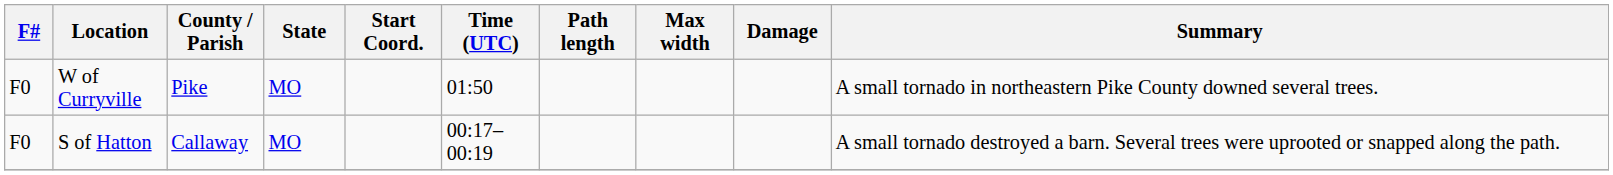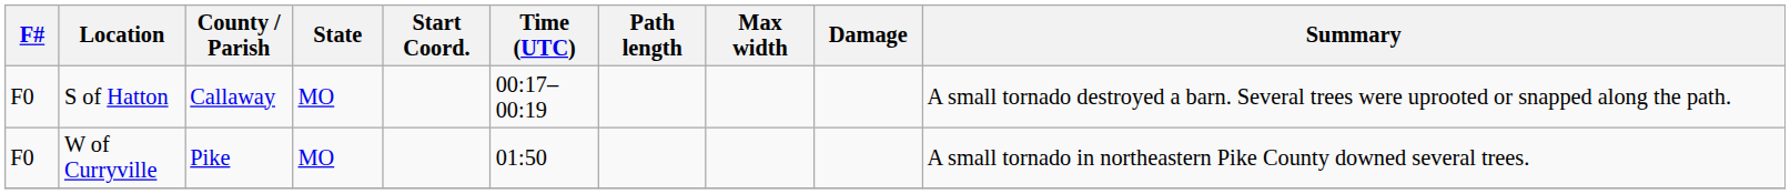 <table class="wikitable sortable" style="width:100%;">
 <tr>
 <th scope="col"  style="width:3%; text-align:center;"><a href='#'>F#</a></th>
 <th scope="col"  style="width:7%; text-align:center;" class="unsortable">Location</th>
 <th scope="col"  style="width:6%; text-align:center;" class="unsortable">County / Parish</th>
 <th scope="col"  style="width:5%; text-align:center;">State</th>
 <th scope="col"  style="width:6%; text-align:center;">Start Coord.</th>
 <th scope="col"  style="width:6%; text-align:center;">Time (<a href='#'>UTC</a>)</th>
 <th scope="col"  style="width:6%; text-align:center;">Path length</th>
 <th scope="col"  style="width:6%; text-align:center;">Max width</th>
 <th scope="col"  style="width:6%; text-align:center;">Damage</th>
 <th scope="col" class="unsortable" style="width:48%; text-align:center;">Summary</th>
 </tr>
 <tr>
 <td>F0</td>
+<td>S of <a href='#'>Hatton</a></td>
+<td><a href='#'>Callaway</a></td>
+<td><a href='#'>MO</a></td>
+<td></td>
+<td>00:17–00:19</td>
+<td></td>
+<td></td>
+<td></td>
+<td>A small tornado destroyed a barn. Several trees were uprooted or snapped along the path.</td>
+</tr>
+<tr>
+<td>F0</td>
 <td>W of <a href='#'>Curryville</a></td>
 <td><a href='#'>Pike</a></td>
 <td><a href='#'>MO</a></td>
 <td></td>
 <td>01:50</td>
 <td></td>
 <td></td>
 <td></td>
 <td>A small tornado in northeastern Pike County downed several trees.</td>
 </tr>
 <tr>
-<td>F0</td>
-<td>S of <a href='#'>Hatton</a></td>
-<td><a href='#'>Callaway</a></td>
-<td><a href='#'>MO</a></td>
-<td></td>
-<td>00:17–00:19</td>
-<td></td>
-<td></td>
-<td></td>
-<td>A small tornado destroyed a barn. Several trees were uprooted or snapped along the path.</td>
-</tr>
-<tr>
 </tr>
 </table>
